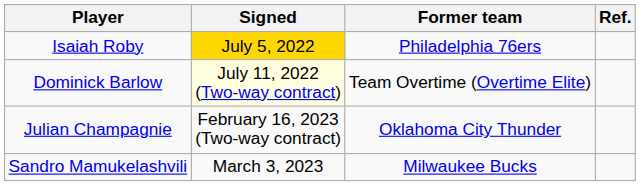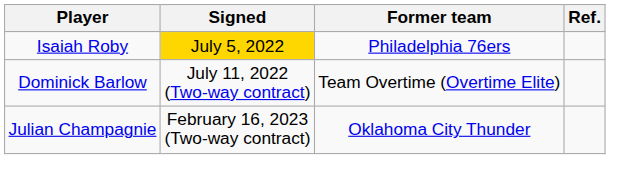 <table class="wikitable sortable sortable" style="text-align: center">
 <tr>
 <th>Player</th>
 <th>Signed</th>
 <th>Former team</th>
 <th>Ref.</th>
 </tr>
 <tr>
 <td><a href='#'>Isaiah Roby</a></td>
 <td style="background: gold;">July 5, 2022</td>
 <td><a href='#'>Philadelphia 76ers</a></td>
 <td></td>
 </tr>
 <tr>
 <td><a href='#'>Dominick Barlow</a></td>
-<td style="background: lightyellow;">July 11, 2022<br>(<a href='#'>Two-way contract</a>)</td>
+<td>July 11, 2022<br>(<a href='#'>Two-way contract</a>)</td>
 <td>Team Overtime (<a href='#'>Overtime Elite</a>)</td>
 <td></td>
 </tr>
 <tr>
 <td><a href='#'>Julian Champagnie</a></td>
 <td>February 16, 2023<br>(Two-way contract)</td>
 <td><a href='#'>Oklahoma City Thunder</a></td>
 <td></td>
 </tr>
-<tr>
-<td><a href='#'>Sandro Mamukelashvili</a></td>
-<td>March 3, 2023</td>
-<td><a href='#'>Milwaukee Bucks</a></td>
-<td></td>
-</tr>
 </table>
